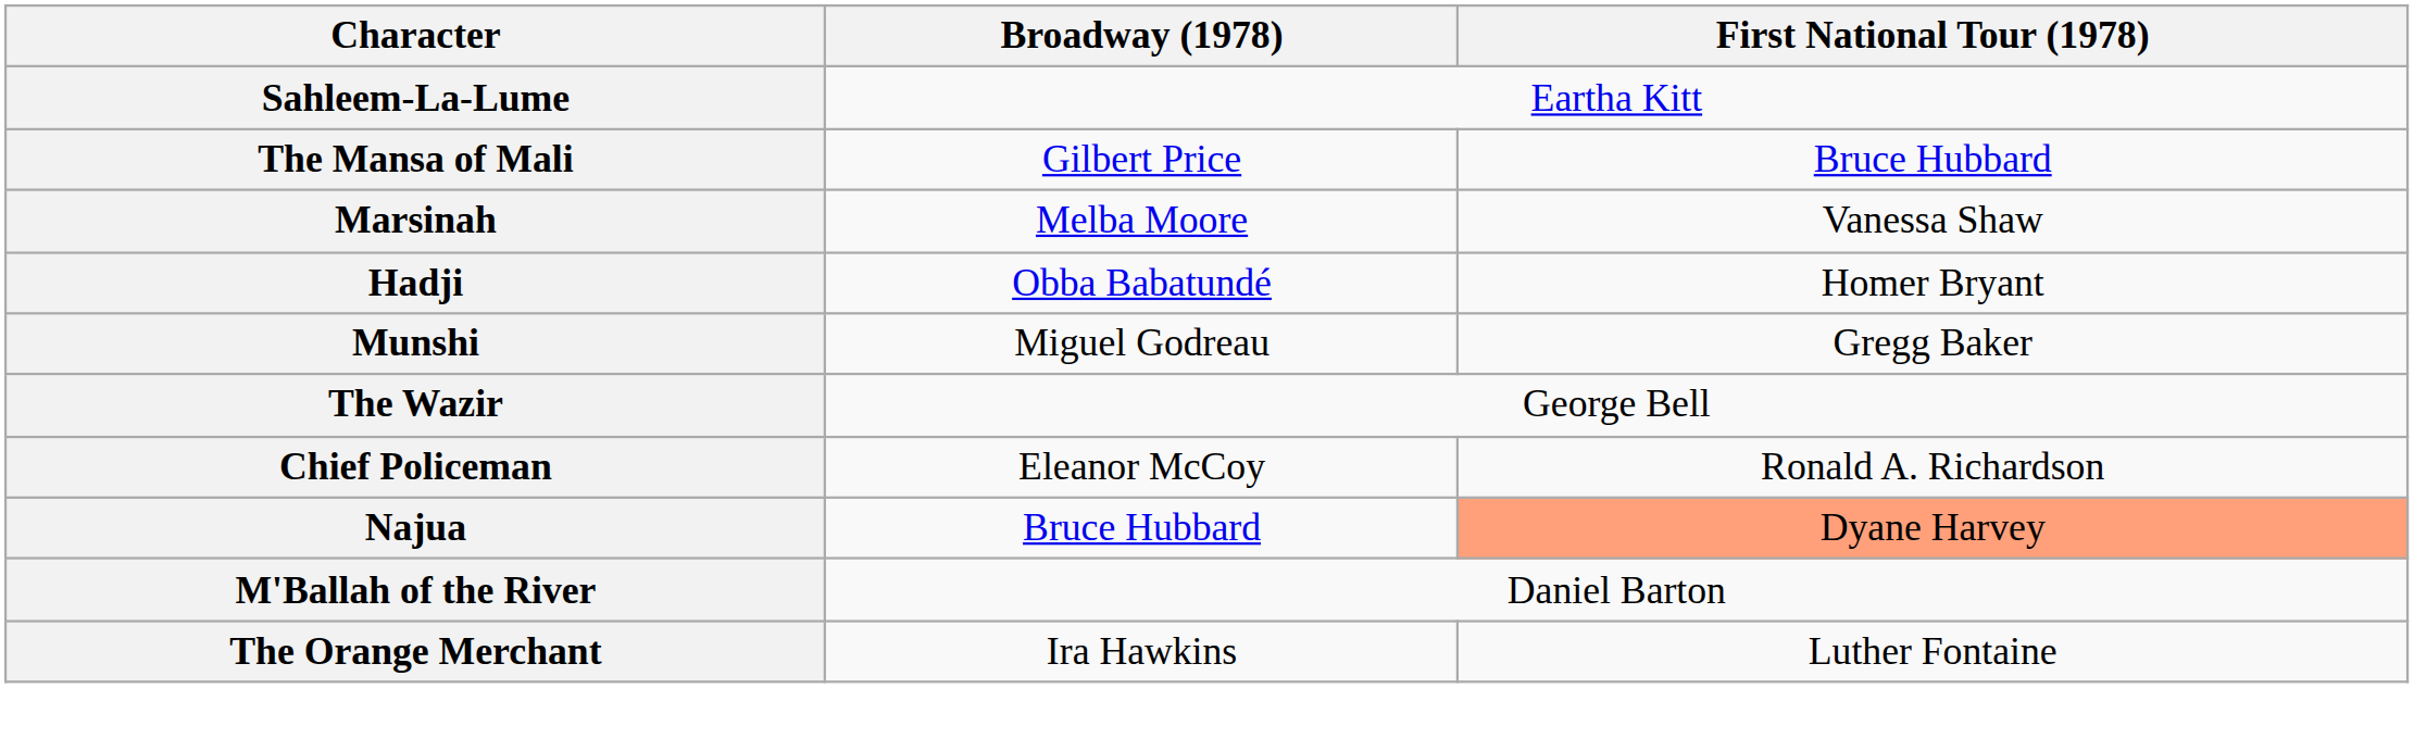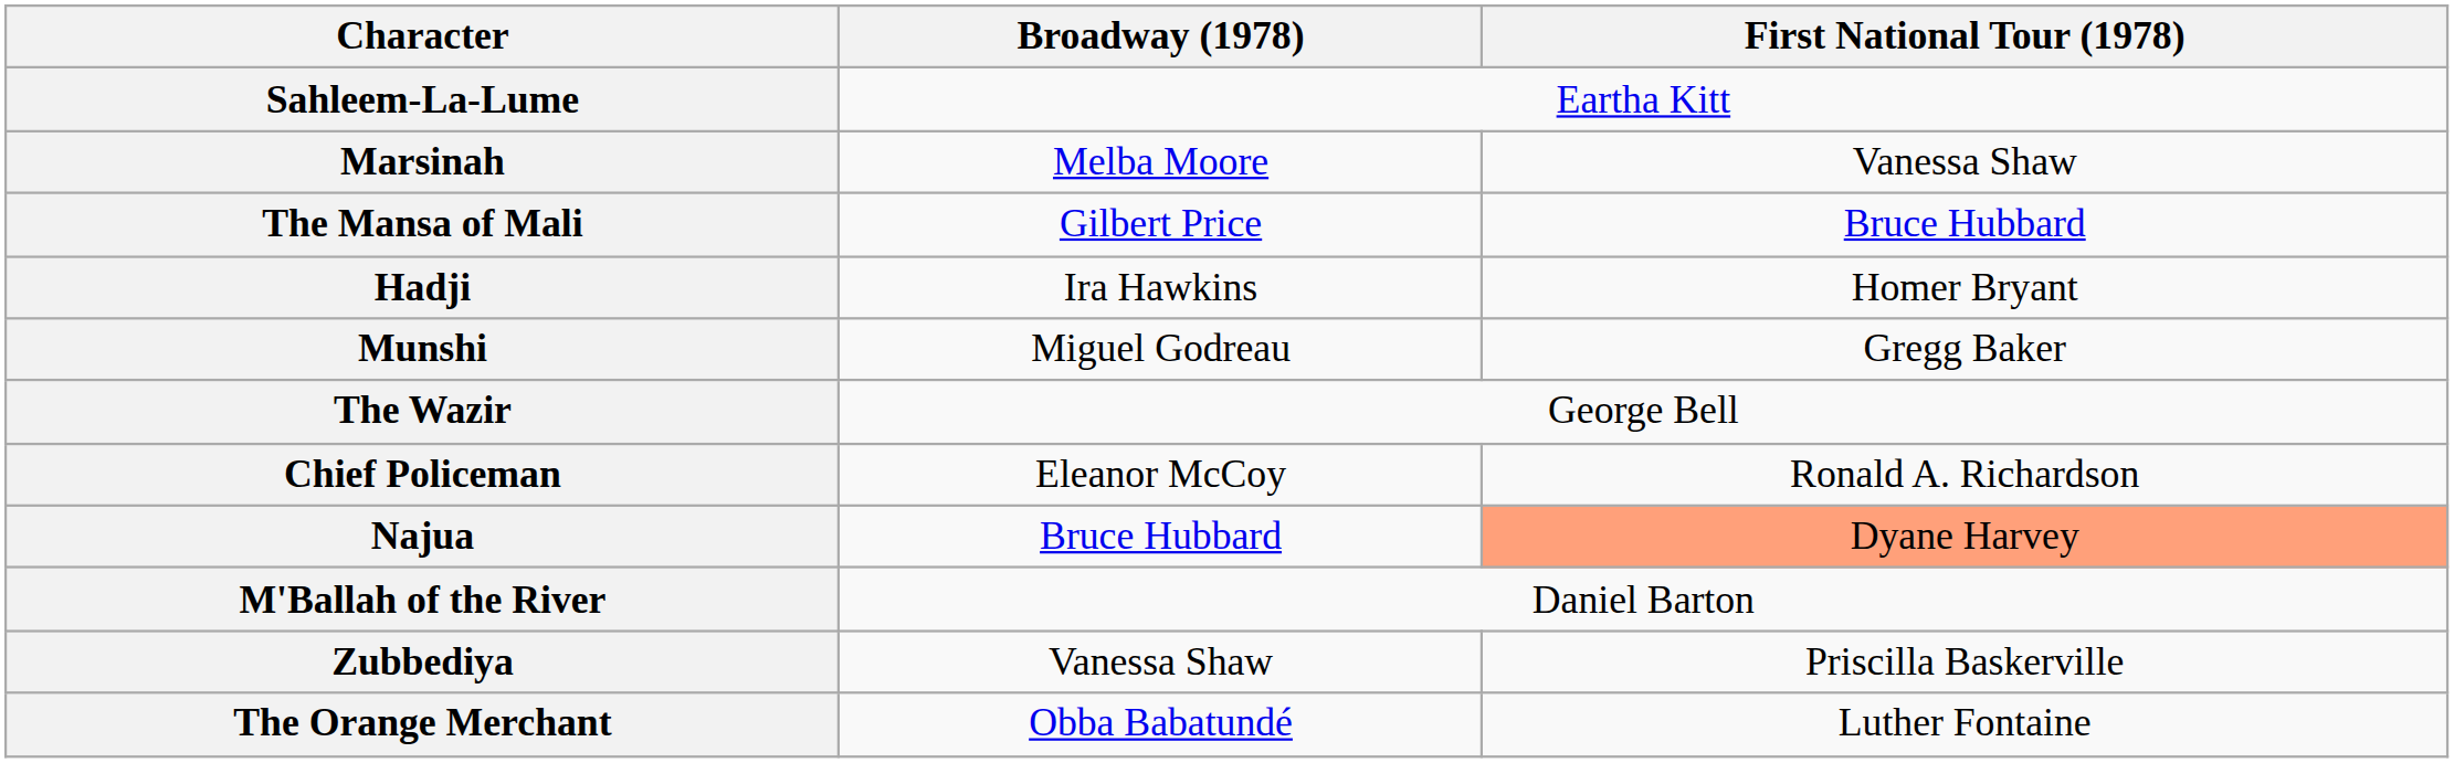 <table class="wikitable" style="width:50%; text-align:center">
 <tr>
 <th scope="col">Character</th>
 <th>Broadway (1978)</th>
 <th>First National Tour (1978)</th>
 </tr>
 <tr>
 <th>Sahleem-La-Lume</th>
 <td colspan="2"><a href='#'>Eartha Kitt</a></td>
 </tr>
 <tr>
+<th>Marsinah</th>
+<td colspan="1”"><a href='#'>Melba Moore</a></td>
+<td colspan="1”">Vanessa Shaw</td>
+</tr>
+<tr>
 <th>The Mansa of Mali</th>
 <td colspan="1”"><a href='#'>Gilbert Price</a></td>
 <td colspan="1"><a href='#'>Bruce Hubbard</a></td>
 </tr>
 <tr>
-<th>Marsinah</th>
-<td colspan="1”"><a href='#'>Melba Moore</a></td>
-<td colspan="1”">Vanessa Shaw</td>
-</tr>
-<tr>
 <th>Hadji</th>
-<td colspan="1"><a href='#'>Obba Babatundé</a></td>
+<td colspan="1">Ira Hawkins</td>
 <td colspan="1">Homer Bryant</td>
 </tr>
 <tr>
 <th>Munshi</th>
 <td colspan="1">Miguel Godreau</td>
 <td colspan="1">Gregg Baker</td>
 </tr>
 <tr>
 <th>The Wazir</th>
 <td colspan="2">George Bell</td>
 </tr>
 <tr>
 <th>Chief Policeman</th>
 <td colspan="1">Eleanor McCoy</td>
 <td colspan="1">Ronald A. Richardson</td>
 </tr>
 <tr>
 <th>Najua</th>
 <td colspan="1"><a href='#'>Bruce Hubbard</a></td>
 <td colspan="1" style="background: lightsalmon;">Dyane Harvey</td>
 </tr>
 <tr>
 <th>M'Ballah of the River</th>
 <td colspan="2">Daniel Barton</td>
 </tr>
 <tr>
+<th>Zubbediya</th>
+<td colspan="1">Vanessa Shaw</td>
+<td colspan="1">Priscilla Baskerville</td>
+</tr>
+<tr>
 <th>The Orange Merchant</th>
-<td colspan="1">Ira Hawkins</td>
+<td colspan="1"><a href='#'>Obba Babatundé</a></td>
 <td colspan="1">Luther Fontaine</td>
 </tr>
 </table>
